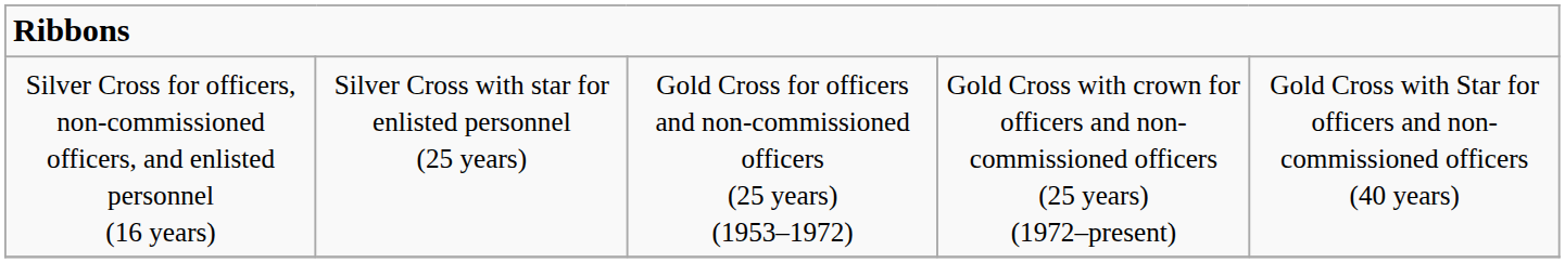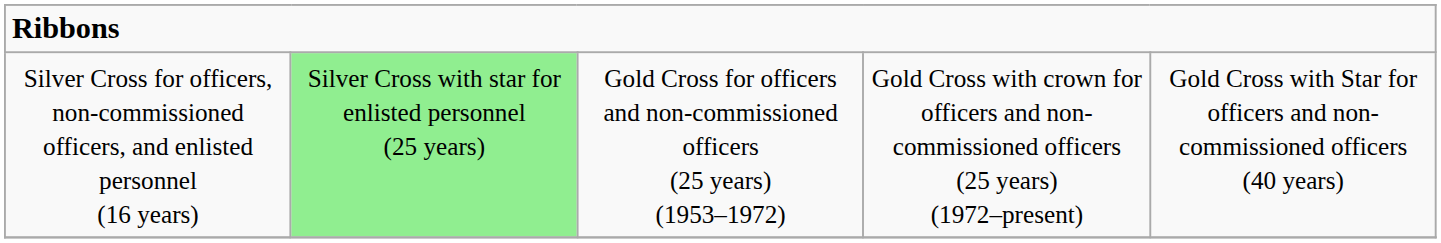 <table align=center class=wikitable width=60%>
 <tr>
 <td colspan=5><strong>Ribbons</strong></td>
 </tr>
 <tr>
 <td width=20% valign=top align=center><small> Silver Cross for officers, non-commissioned officers, and enlisted personnel<br>(16 years)</small></td>
-<td width=20% valign=top align=center><small> Silver Cross with star for enlisted personnel<br>(25 years)</small></td>
+<td width=20% valign=top align=center style="background: lightgreen;"><small> Silver Cross with star for enlisted personnel<br>(25 years)</small></td>
 <td width=20% valign=top align=center><small> Gold Cross for officers and non-commissioned officers<br>(25 years) <br>(1953–1972)</small></td>
 <td width=20% valign=top align=center><small> Gold Cross with crown for officers and non-commissioned officers<br>(25 years) <br>(1972–present)</small></td>
 <td width=20% valign=top align=center><small> Gold Cross with Star for officers and non-commissioned officers<br>(40 years)</small></td>
 </tr>
 <tr>
 </tr>
 </table>
